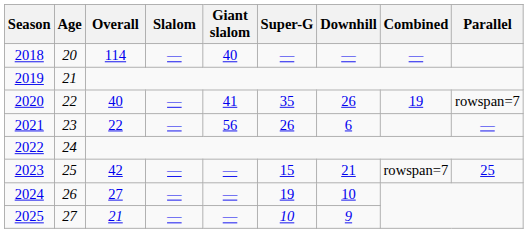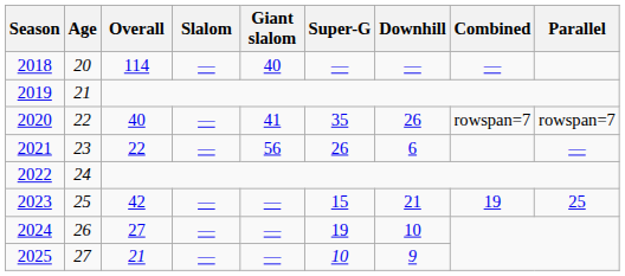 <table class=wikitable style="text-align:center">
 <tr>
 <th>Season</th>
 <th>Age</th>
 <th> Overall </th>
 <th> Slalom </th>
 <th>Giant<br> slalom </th>
 <th>Super-G</th>
 <th>Downhill</th>
 <th>Combined</th>
 <th>Parallel</th>
 </tr>
 <tr>
 <td><a href='#'>2018</a></td>
 <td><em>20</em></td>
 <td><a href='#'>114</a></td>
 <td><a href='#'>—</a></td>
 <td><a href='#'>40</a></td>
 <td><a href='#'>—</a></td>
 <td><a href='#'>—</a></td>
 <td><a href='#'>—</a></td>
 <td></td>
 </tr>
 <tr>
 <td><a href='#'>2019</a></td>
 <td><em>21</em></td>
 <td colspan=7></td>
 </tr>
 <tr>
 <td><a href='#'>2020</a></td>
 <td><em>22</em></td>
 <td><a href='#'>40</a></td>
 <td><a href='#'>—</a></td>
 <td><a href='#'>41</a></td>
 <td><a href='#'>35</a></td>
 <td><a href='#'>26</a></td>
-<td><a href='#'>19</a></td>
+<td>rowspan=7</td>
 <td>rowspan=7</td>
 </tr>
 <tr>
 <td><a href='#'>2021</a></td>
 <td><em>23</em></td>
 <td><a href='#'>22</a></td>
 <td><a href='#'>—</a></td>
 <td><a href='#'>56</a></td>
 <td><a href='#'>26</a></td>
 <td><a href='#'>6</a></td>
 <td></td>
 <td><a href='#'>—</a></td>
 </tr>
 <tr>
 <td><a href='#'>2022</a></td>
 <td><em>24</em></td>
 <td colspan=7></td>
 </tr>
 <tr>
 <td><a href='#'>2023</a></td>
 <td><em>25</em></td>
 <td><a href='#'>42</a></td>
 <td><a href='#'>—</a></td>
 <td><a href='#'>—</a></td>
 <td><a href='#'>15</a></td>
 <td><a href='#'>21</a></td>
-<td>rowspan=7</td>
+<td><a href='#'>19</a></td>
 <td><a href='#'>25</a></td>
 </tr>
 <tr>
 <td><a href='#'>2024</a></td>
 <td><em>26</em></td>
 <td><a href='#'>27</a></td>
 <td><a href='#'>—</a></td>
 <td><a href='#'>—</a></td>
 <td><a href='#'>19</a></td>
 <td><a href='#'>10</a></td>
 </tr>
 <tr>
 <td><a href='#'>2025</a></td>
 <td><em>27</em></td>
 <td><a href='#'><em>21</em></a></td>
 <td><a href='#'>—</a></td>
 <td><a href='#'>—</a></td>
 <td><a href='#'><em>10</em></a></td>
 <td><a href='#'><em>9</em></a></td>
 </tr>
 </table>
